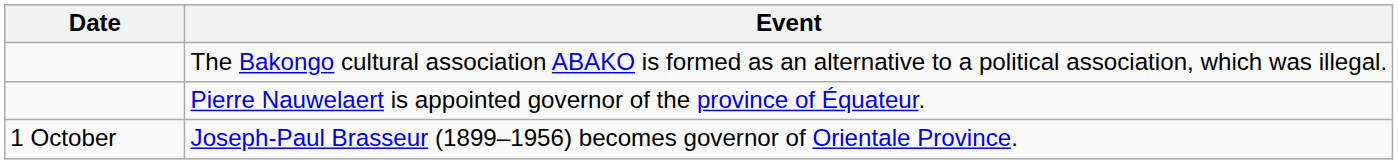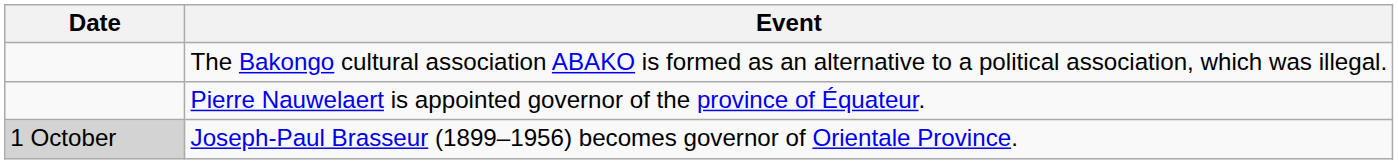 <table class=wikitable>
 <tr>
 <th style="width:7em">Date</th>
 <th>Event</th>
 </tr>
 <tr>
 <td></td>
 <td>The <a href='#'>Bakongo</a> cultural association <a href='#'>ABAKO</a> is formed as an alternative to a political association, which was illegal.</td>
 </tr>
 <tr>
 <td></td>
 <td><a href='#'>Pierre Nauwelaert</a> is appointed governor of the <a href='#'>province of Équateur</a>.</td>
 </tr>
 <tr>
-<td>1 October</td>
+<td style="background: lightgrey;">1 October</td>
 <td><a href='#'>Joseph-Paul Brasseur</a> (1899–1956) becomes governor of <a href='#'>Orientale Province</a>.</td>
 </tr>
 </table>
